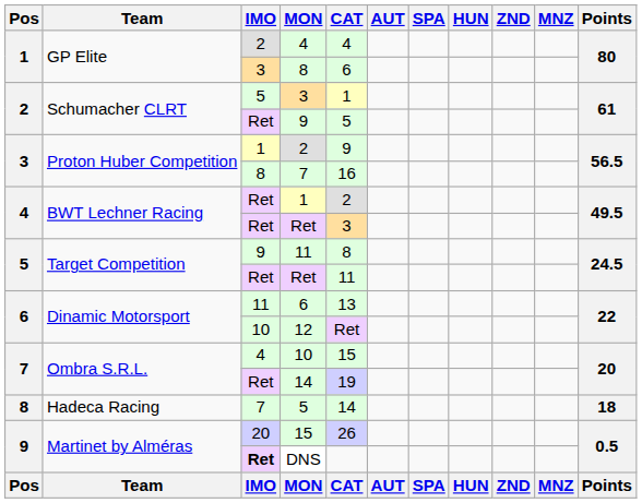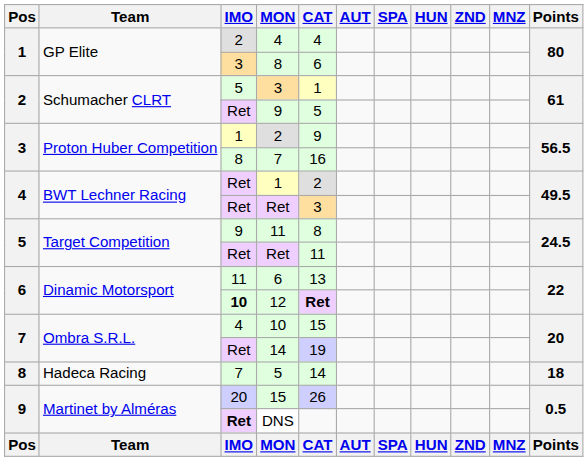 <table class="wikitable" style="font-size:85%; text-align:center">
 <tr>
 <th valign="middle">Pos</th>
 <th valign="middle">Team</th>
 <th><a href='#'>IMO</a><br></th>
 <th><a href='#'>MON</a><br></th>
 <th><a href='#'>CAT</a><br></th>
 <th><a href='#'>AUT</a><br></th>
 <th><a href='#'>SPA</a><br></th>
 <th><a href='#'>HUN</a><br></th>
 <th><a href='#'>ZND</a><br></th>
 <th><a href='#'>MNZ</a><br></th>
 <th valign="middle">Points</th>
 </tr>
 <tr>
 <th rowspan="2">1</th>
 <td rowspan="2" align="left"> GP Elite</td>
 <td style="background:#DFDFDF;">2</td>
 <td style="background:#DFFFDF;">4</td>
 <td style="background:#DFFFDF;">4</td>
 <td style="background:#;"></td>
 <td style="background:#;"></td>
 <td style="background:#;"></td>
 <td style="background:#;"></td>
 <td style="background:#;"></td>
 <th rowspan="2">80</th>
 </tr>
 <tr>
 <td style="background:#FFDF9F;">3</td>
 <td style="background:#DFFFDF;">8</td>
 <td style="background:#DFFFDF;">6</td>
 <td style="background:#;"></td>
 <td style="background:#;"></td>
 <td style="background:#;"></td>
 <td style="background:#;"></td>
 <td style="background:#;"></td>
 </tr>
 <tr>
 <th rowspan="2">2</th>
 <td rowspan="2" align="left"> Schumacher <a href='#'>CLRT</a></td>
 <td style="background:#DFFFDF;">5</td>
 <td style="background:#FFDF9F;">3</td>
 <td style="background:#FFFFBF;">1</td>
 <td></td>
 <td></td>
 <td></td>
 <td></td>
 <td></td>
 <th rowspan="2">61</th>
 </tr>
 <tr>
 <td style="background:#EFCFFF">Ret</td>
 <td style="background:#DFFFDF;">9</td>
 <td style="background:#DFFFDF;">5</td>
 <td></td>
 <td></td>
 <td></td>
 <td></td>
 <td></td>
 </tr>
 <tr>
 <th rowspan="2">3</th>
 <td rowspan="2" align="left"> <a href='#'>Proton Huber Competition</a></td>
 <td style="background:#FFFFBF;">1</td>
 <td style="background:#DFDFDF;">2</td>
 <td style="background:#DFFFDF;">9</td>
 <td style="background:#;"></td>
 <td style="background:#;"></td>
 <td style="background:#;"></td>
 <td style="background:#;"></td>
 <td style="background:#;"></td>
 <th rowspan="2">56.5</th>
 </tr>
 <tr>
 <td style="background:#DFFFDF;">8</td>
 <td style="background:#DFFFDF;">7</td>
 <td style="background:#DFFFDF;">16</td>
 <td style="background:#;"></td>
 <td style="background:#;"></td>
 <td style="background:#;"></td>
 <td style="background:#;"></td>
 <td style="background:#;"></td>
 </tr>
 <tr>
 <th rowspan="2">4</th>
 <td rowspan="2" align="left"> <a href='#'>BWT Lechner Racing</a></td>
 <td align="center" style="background:#EFCFFF">Ret</td>
 <td style="background:#FFFFBF;">1</td>
 <td style="background:#DFDFDF;">2</td>
 <td style="background:#;"></td>
 <td style="background:#;"></td>
 <td style="background:#;"></td>
 <td style="background:#;"></td>
 <td style="background:#;"></td>
 <th rowspan="2">49.5</th>
 </tr>
 <tr>
 <td style="background:#EFCFFF;">Ret</td>
 <td align="center" style="background:#EFCFFF">Ret</td>
 <td style="background:#FFDF9F;">3</td>
 <td style="background:#;"></td>
 <td style="background:#;"></td>
 <td style="background:#;"></td>
 <td style="background:#;"></td>
 <td style="background:#;"></td>
 </tr>
 <tr>
 <th rowspan="2">5</th>
 <td rowspan="2" align="left"> <a href='#'>Target Competition</a></td>
 <td style="background:#DFFFDF;">9</td>
 <td style="background:#DFFFDF;">11</td>
 <td style="background:#DFFFDF;">8</td>
 <td></td>
 <td></td>
 <td></td>
 <td></td>
 <td></td>
 <th rowspan="2">24.5</th>
 </tr>
 <tr>
 <td align="center" style="background:#EFCFFF">Ret</td>
 <td align="center" style="background:#EFCFFF">Ret</td>
 <td style="background:#DFFFDF;">11</td>
 <td style="background:#;"></td>
 <td style="background:#;"></td>
 <td style="background:#;"></td>
 <td style="background:#;"></td>
 <td style="background:#;"></td>
 </tr>
 <tr>
 <th rowspan="2">6</th>
 <td rowspan="2" align="left"> <a href='#'>Dinamic Motorsport</a></td>
 <td style="background:#DFFFDF;">11</td>
 <td style="background:#DFFFDF;">6</td>
 <td style="background:#DFFFDF;">13</td>
 <td></td>
 <td></td>
 <td></td>
 <td></td>
 <td></td>
 <th rowspan="2">22</th>
 </tr>
 <tr>
-<td style="background:#DFFFDF;">10</td>
+<td style="background:#DFFFDF;"><strong>10</strong></td>
 <td style="background:#DFFFDF;">12</td>
-<td align="center" style="background:#EFCFFF">Ret</td>
+<td align="center" style="background:#EFCFFF"><strong>Ret</strong></td>
 <td></td>
 <td></td>
 <td></td>
 <td></td>
 <td></td>
 </tr>
 <tr>
 <th rowspan="2">7</th>
 <td rowspan="2" align="left"> <a href='#'>Ombra S.R.L.</a></td>
 <td style="background:#DFFFDF;">4</td>
 <td style="background:#DFFFDF;">10</td>
 <td style="background:#DFFFDF;">15</td>
 <td style="background:#;"></td>
 <td style="background:#;"></td>
 <td style="background:#;"></td>
 <td style="background:#;"></td>
 <td style="background:#;"></td>
 <th rowspan="2">20</th>
 </tr>
 <tr>
 <td align="center" style="background:#EFCFFF">Ret</td>
 <td style="background:#DFFFDF;">14</td>
 <td style="background:#CFCFFF" align="center">19</td>
 <td style="background:#;"></td>
 <td style="background:#;"></td>
 <td style="background:#;"></td>
 <td style="background:#;"></td>
 <td style="background:#;"></td>
 </tr>
 <tr>
 <th>8</th>
 <td align="left"> Hadeca Racing</td>
 <td style="background:#DFFFDF;">7</td>
 <td style="background:#DFFFDF;">5</td>
 <td style="background:#DFFFDF;">14</td>
 <td style="background:#;"></td>
 <td style="background:#;"></td>
 <td style="background:#;"></td>
 <td style="background:#;"></td>
 <td style="background:#;"></td>
 <th>18</th>
 </tr>
 <tr>
 <th rowspan="2">9</th>
 <td rowspan="2" align="left"> <a href='#'>Martinet by Alméras</a></td>
 <td style="background:#CFCFFF;">20</td>
 <td style="background:#DFFFDF;">15</td>
 <td style="background:#CFCFFF" align="center">26</td>
 <td style="background:#;"></td>
 <td style="background:#;"></td>
 <td style="background:#;"></td>
 <td style="background:#;"></td>
 <td style="background:#;"></td>
 <th rowspan="2">0.5</th>
 </tr>
 <tr>
 <td align="center" style="background:#EFCFFF"><strong>Ret</strong></td>
 <td style="background:#FFFFFF;">DNS</td>
 <td style="background:#;"></td>
 <td style="background:#;"></td>
 <td style="background:#;"></td>
 <td style="background:#;"></td>
 <td style="background:#;"></td>
 <td style="background:#;"></td>
 </tr>
 <tr>
 <th>Pos</th>
 <th>Team</th>
 <th><a href='#'>IMO</a><br></th>
 <th><a href='#'>MON</a><br></th>
 <th><a href='#'>CAT</a><br></th>
 <th><a href='#'>AUT</a><br></th>
 <th><a href='#'>SPA</a><br></th>
 <th><a href='#'>HUN</a><br></th>
 <th><a href='#'>ZND</a><br></th>
 <th><a href='#'>MNZ</a><br></th>
 <th>Points</th>
 </tr>
 </table>
